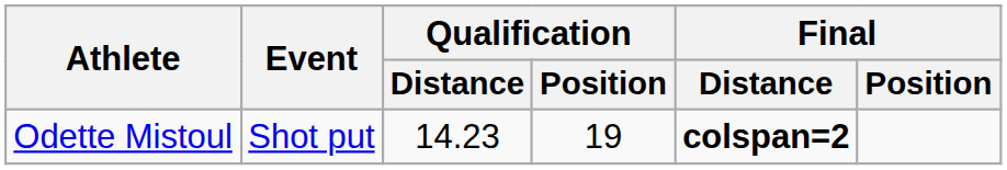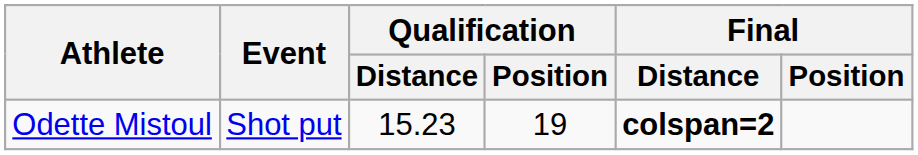 <table class=wikitable style=font-size:90%>
 <tr>
 <th rowspan=2>Athlete</th>
 <th rowspan=2>Event</th>
 <th colspan=2>Qualification</th>
 <th colspan=2>Final</th>
 </tr>
 <tr style=font-size:95%>
 <th>Distance</th>
 <th>Position</th>
 <th>Distance</th>
 <th>Position</th>
 </tr>
 <tr align=center>
 <td align=left><a href='#'>Odette Mistoul</a></td>
 <td align=left rowspan=2><a href='#'>Shot put</a></td>
-<td>14.23</td>
+<td>15.23</td>
 <td>19</td>
 <td><strong>colspan=2 </strong></td>
 </tr>
 </table>
